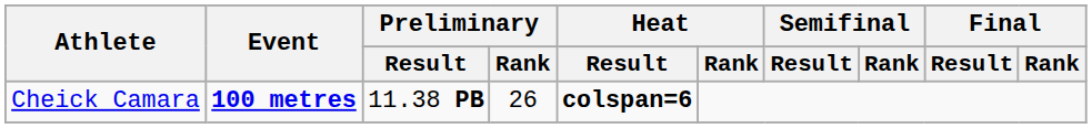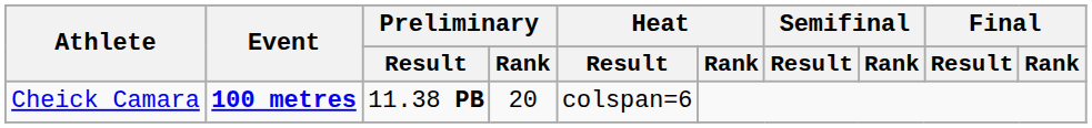 <table class="wikitable" style="font-size:90%">
 <tr>
 <th rowspan="2">Athlete</th>
 <th rowspan="2">Event</th>
 <th colspan="2">Preliminary</th>
 <th colspan="2">Heat</th>
 <th colspan="2">Semifinal</th>
 <th colspan="2">Final</th>
 </tr>
 <tr style="font-size:95%">
 <th>Result</th>
 <th>Rank</th>
 <th>Result</th>
 <th>Rank</th>
 <th>Result</th>
 <th>Rank</th>
 <th>Result</th>
 <th>Rank</th>
 </tr>
 <tr style=text-align:center>
 <td style=text-align:left><a href='#'>Cheick Camara</a></td>
 <td style=text-align:left><strong><a href='#'>100 metres</a></strong></td>
 <td>11.38 <strong>PB</strong></td>
-<td>26</td>
-<td><strong>colspan=6 </strong></td>
+<td>20</td>
+<td>colspan=6 </td>
 </tr>
 </table>
